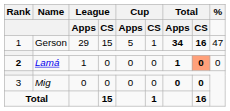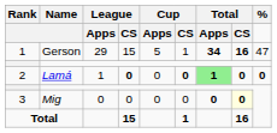 <table class="wikitable" style="text-align:center">
 <tr>
 <th>Rank</th>
 <th>Name</th>
 <th colspan=2>League</th>
 <th colspan=2>Cup</th>
 <th colspan=2>Total</th>
 <th>%</th>
 </tr>
 <tr>
 <th colspan=2></th>
 <th>Apps</th>
 <th>CS</th>
 <th>Apps</th>
 <th>CS</th>
 <th>Apps</th>
 <th>CS</th>
 </tr>
 <tr>
 <td>1</td>
 <td align="left"> Gerson</td>
 <td>29</td>
 <td>15</td>
 <td>5</td>
 <td>1</td>
 <td><strong>34</strong></td>
 <td><strong>16</strong></td>
 <td>47</td>
 </tr>
 <tr>
 <th></th>
 </tr>
 <tr>
-<td><strong>2</strong></td>
+<td>2</td>
 <td align="left"> <em><a href='#'>Lamá</a></em></td>
 <td>1</td>
+<td><strong>0</strong></td>
 <td>0</td>
-<td>0</td>
-<td>0</td>
-<td><strong>1</strong></td>
-<td style="background: lightsalmon;"><strong>0</strong></td>
-<td>0</td>
+<td><strong>0</strong></td>
+<td style="background: lightgreen;"><strong>1</strong></td>
+<td><strong>0</strong></td>
+<td><strong>0</strong></td>
 </tr>
 <tr>
 <th></th>
 </tr>
 <tr>
 <td>3</td>
 <td align="left"> <em>Mig</em></td>
 <td>0</td>
 <td>0</td>
 <td>0</td>
 <td>0</td>
 <td><strong>0</strong></td>
-<td><strong>0</strong></td>
+<td style="background: lightyellow;"><strong>0</strong></td>
 </tr>
 <tr>
 <td colspan=2><strong>Total</strong></td>
 <td></td>
 <td><strong>15</strong></td>
 <td></td>
 <td><strong>1</strong></td>
 <td></td>
 <td><strong>16</strong></td>
 </tr>
 </table>
